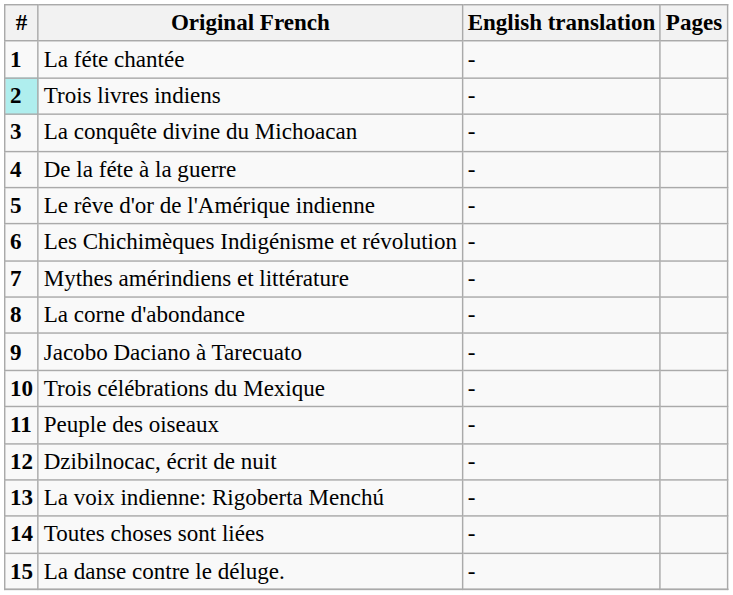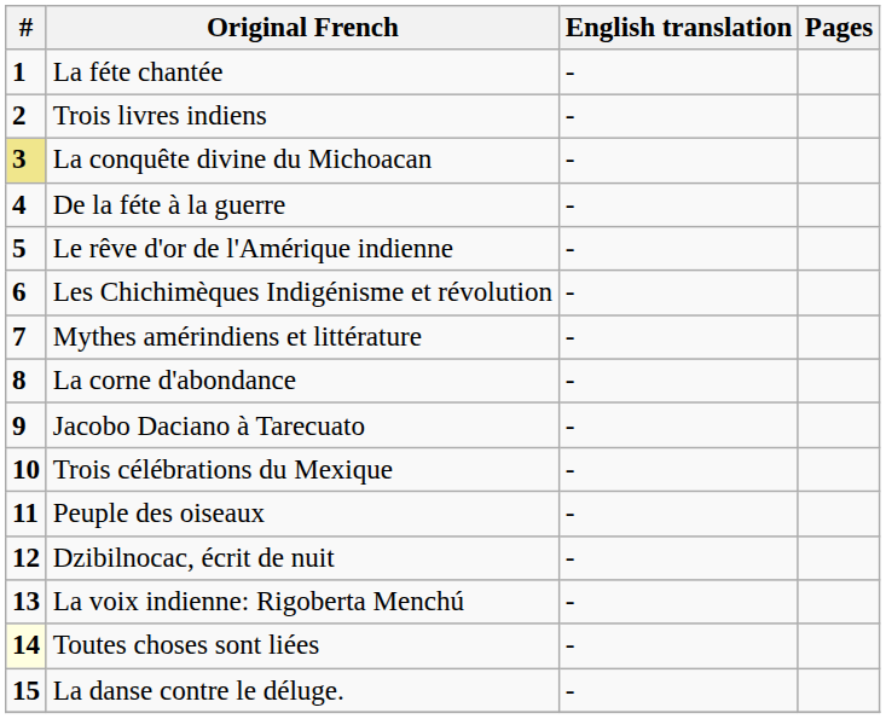 <table class="wikitable">
 <tr>
 <th>#</th>
 <th>Original French</th>
 <th>English translation</th>
 <th>Pages</th>
 </tr>
 <tr>
 <td><strong>1</strong></td>
 <td>La féte chantée</td>
 <td>-</td>
 <td></td>
 </tr>
 <tr>
-<td style="background: paleturquoise;"><strong>2</strong></td>
+<td><strong>2</strong></td>
 <td>Trois livres indiens</td>
 <td>-</td>
 <td></td>
 </tr>
 <tr>
-<td><strong>3</strong></td>
+<td style="background: khaki;"><strong>3</strong></td>
 <td>La conquête divine du Michoacan</td>
 <td>-</td>
 <td></td>
 </tr>
 <tr>
 <td><strong>4</strong></td>
 <td>De la féte à la guerre</td>
 <td>-</td>
 <td></td>
 </tr>
 <tr>
 <td><strong>5</strong></td>
 <td>Le rêve d'or de l'Amérique indienne</td>
 <td>-</td>
 <td></td>
 </tr>
 <tr>
 <td><strong>6</strong></td>
 <td>Les Chichimèques Indigénisme et révolution</td>
 <td>-</td>
 <td></td>
 </tr>
 <tr>
 <td><strong>7</strong></td>
 <td>Mythes amérindiens et littérature</td>
 <td>-</td>
 <td></td>
 </tr>
 <tr>
 <td><strong>8</strong></td>
 <td>La corne d'abondance</td>
 <td>-</td>
 <td></td>
 </tr>
 <tr>
 <td><strong>9</strong></td>
 <td>Jacobo Daciano à Tarecuato</td>
 <td>-</td>
 <td></td>
 </tr>
 <tr>
 <td><strong>10</strong></td>
 <td>Trois célébrations du Mexique</td>
 <td>-</td>
 <td></td>
 </tr>
 <tr>
 <td><strong>11</strong></td>
 <td>Peuple des oiseaux</td>
 <td>-</td>
 <td></td>
 </tr>
 <tr>
 <td><strong>12</strong></td>
 <td>Dzibilnocac, écrit de nuit</td>
 <td>-</td>
 <td></td>
 </tr>
 <tr>
 <td><strong>13</strong></td>
 <td>La voix indienne: Rigoberta Menchú</td>
 <td>-</td>
 <td></td>
 </tr>
 <tr>
-<td><strong>14</strong></td>
+<td style="background: lightyellow;"><strong>14</strong></td>
 <td>Toutes choses sont liées</td>
 <td>-</td>
 <td></td>
 </tr>
 <tr>
 <td><strong>15</strong></td>
 <td>La danse contre le déluge.</td>
 <td>-</td>
 <td></td>
 </tr>
 <tr>
 </tr>
 </table>
